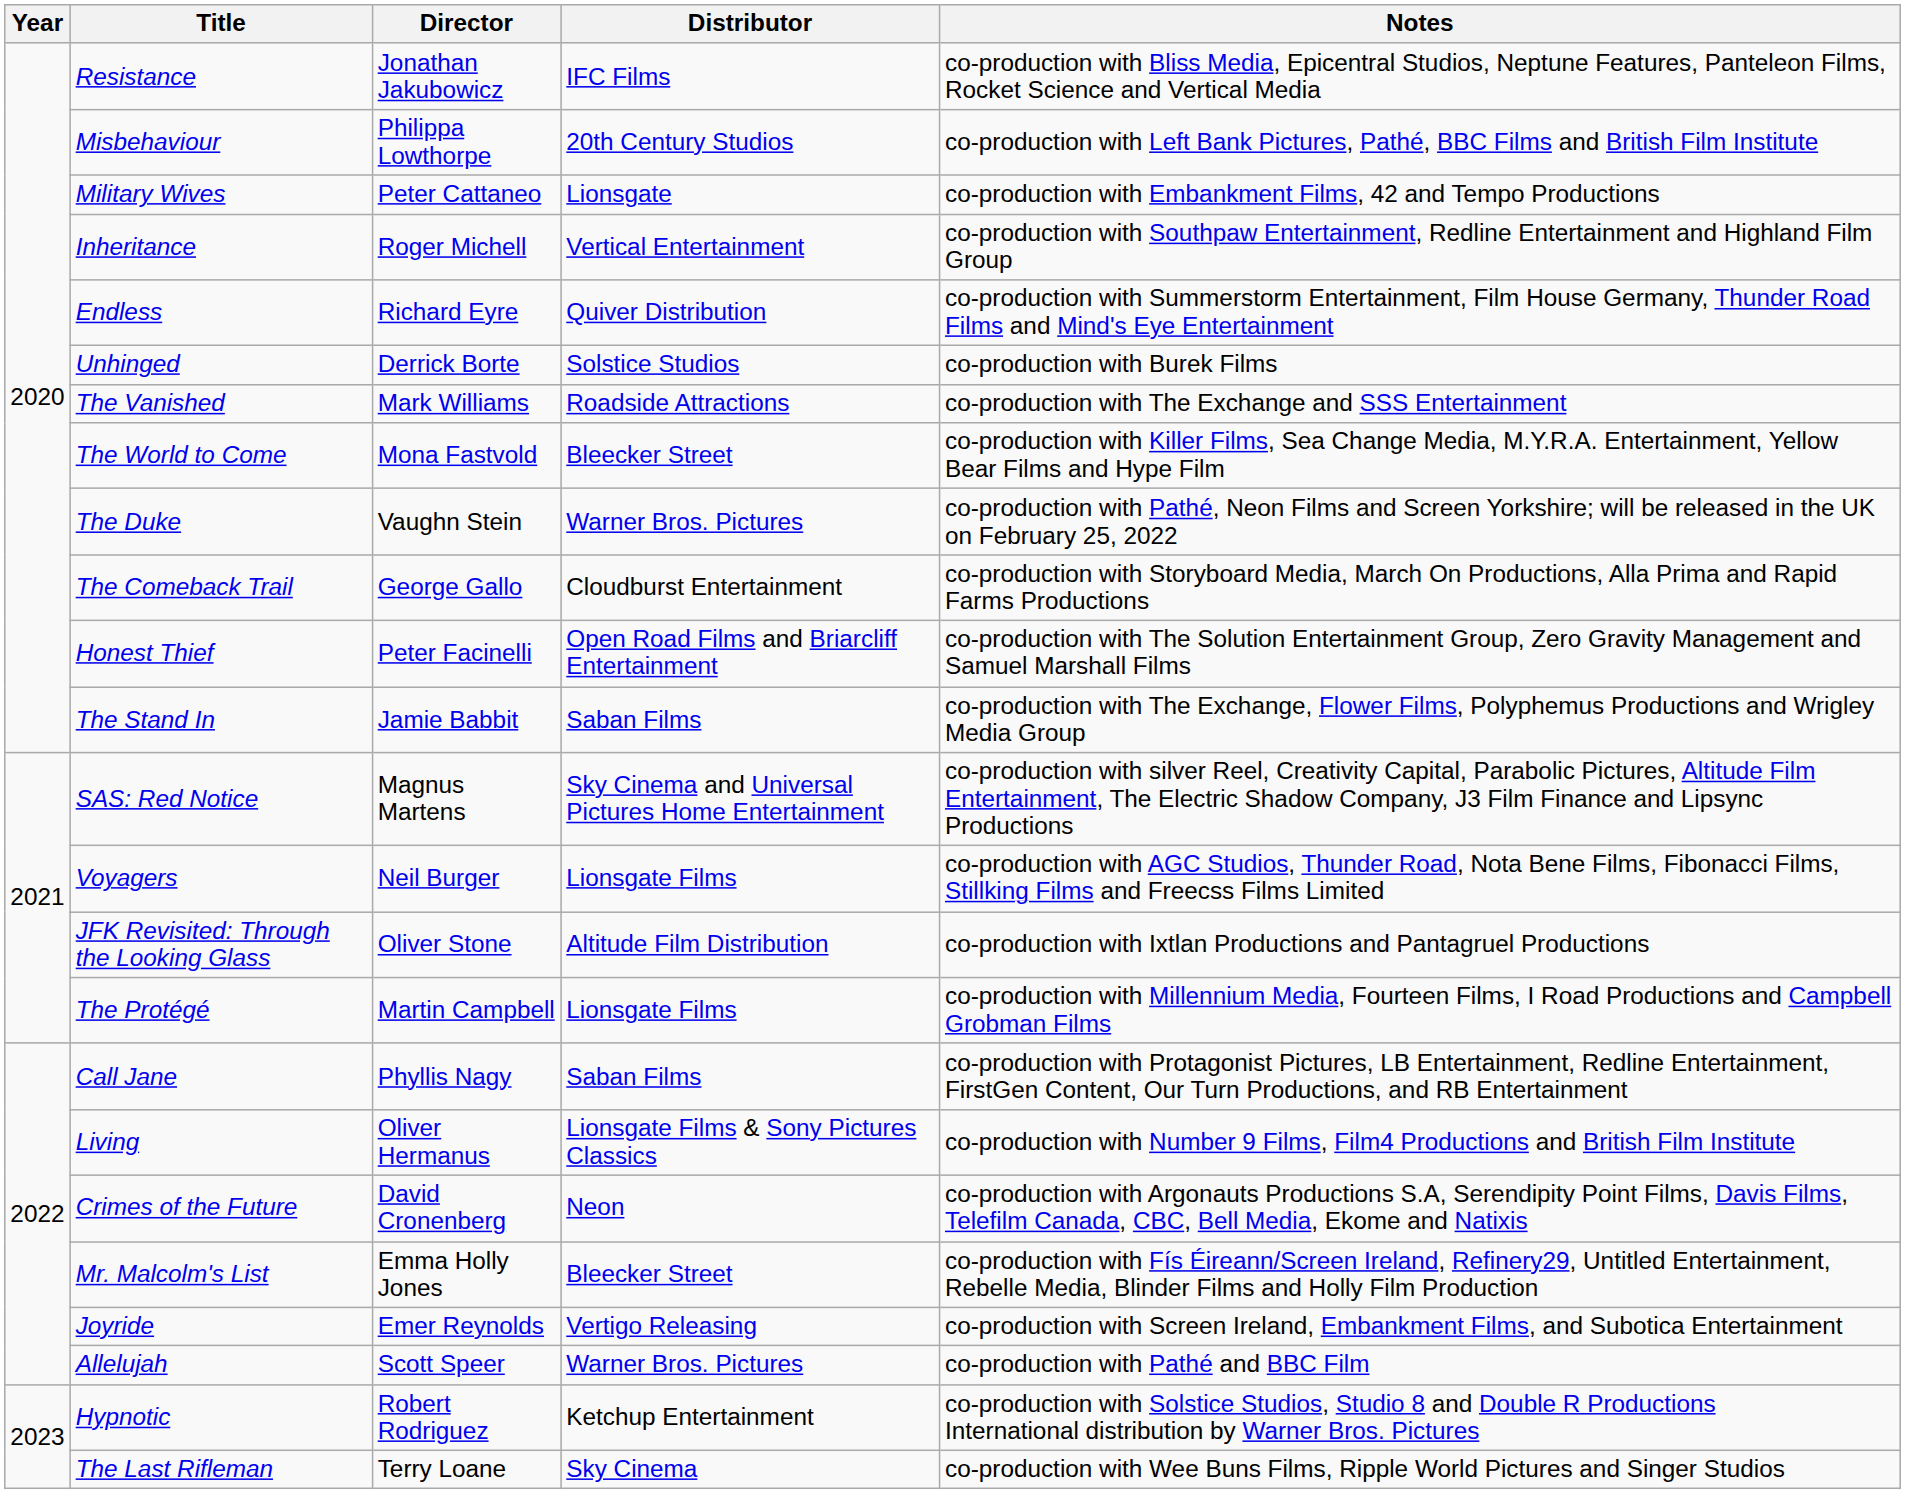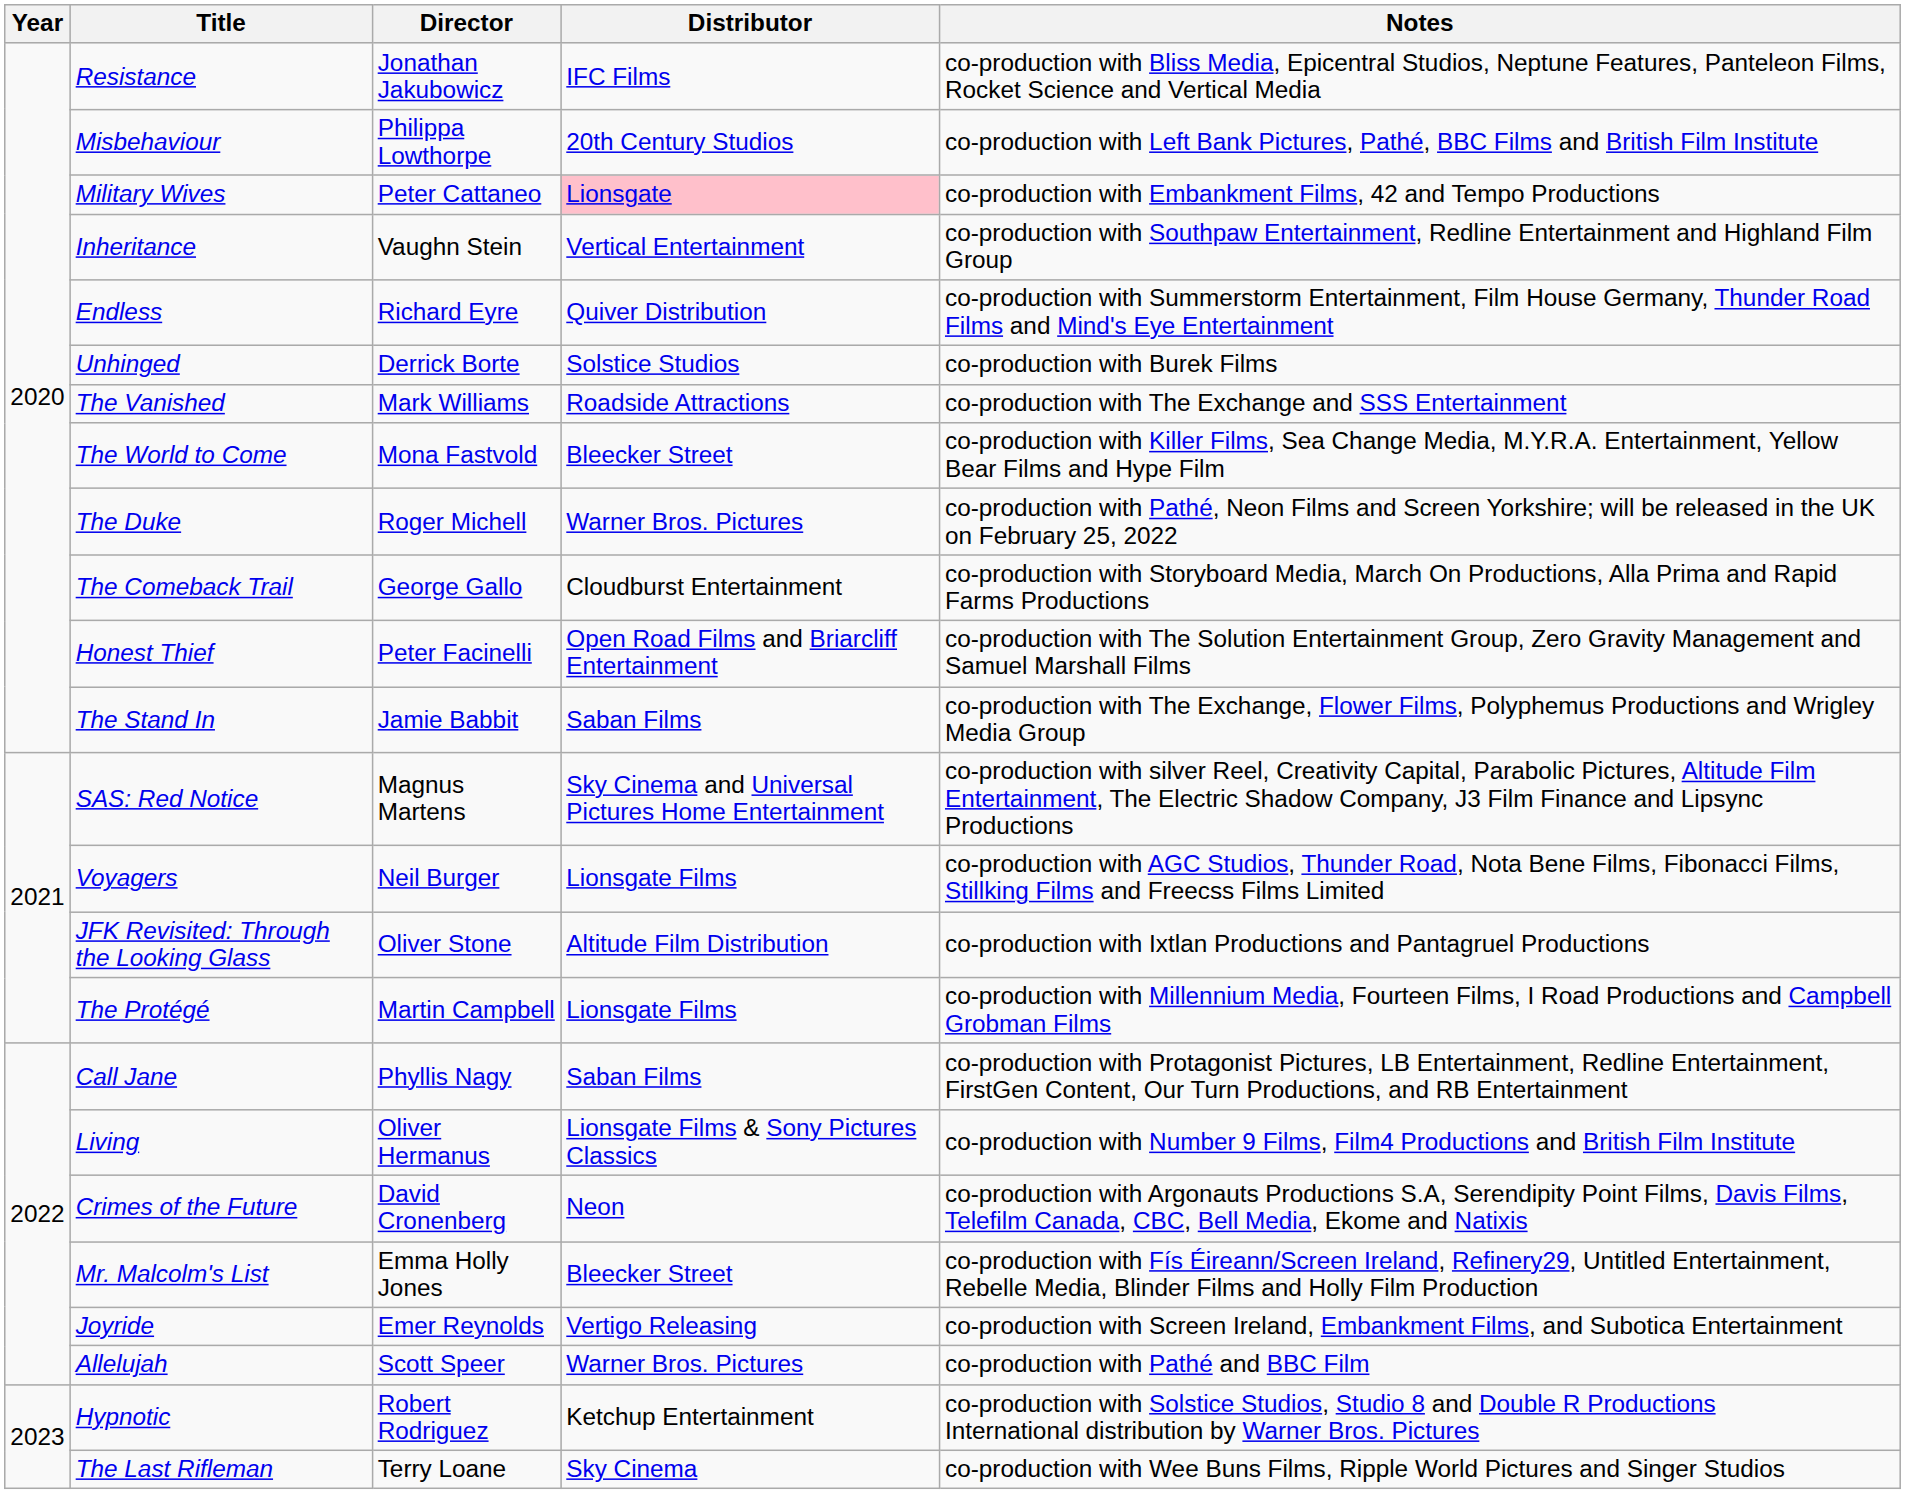 <table class="wikitable sortable">
 <tr>
 <th>Year</th>
 <th>Title</th>
 <th>Director</th>
 <th>Distributor</th>
 <th>Notes</th>
 </tr>
 <tr>
 <td rowspan="12">2020</td>
 <td><em><a href='#'>Resistance</a></em></td>
 <td><a href='#'>Jonathan Jakubowicz</a></td>
 <td><a href='#'>IFC Films</a></td>
 <td>co-production with <a href='#'>Bliss Media</a>, Epicentral Studios, Neptune Features, Panteleon Films, Rocket Science and Vertical Media</td>
 </tr>
 <tr>
 <td><em><a href='#'>Misbehaviour</a></em></td>
 <td><a href='#'>Philippa Lowthorpe</a></td>
 <td><a href='#'>20th Century Studios</a></td>
 <td>co-production with <a href='#'>Left Bank Pictures</a>, <a href='#'>Pathé</a>, <a href='#'>BBC Films</a> and <a href='#'>British Film Institute</a></td>
 </tr>
 <tr>
 <td><em><a href='#'>Military Wives</a></em></td>
 <td><a href='#'>Peter Cattaneo</a></td>
-<td><a href='#'>Lionsgate</a></td>
+<td style="background: pink;"><a href='#'>Lionsgate</a></td>
 <td>co-production with <a href='#'>Embankment Films</a>, 42 and Tempo Productions</td>
 </tr>
 <tr>
 <td><em><a href='#'>Inheritance</a></em></td>
-<td><a href='#'>Roger Michell</a></td>
+<td>Vaughn Stein</td>
 <td><a href='#'>Vertical Entertainment</a></td>
 <td>co-production with <a href='#'>Southpaw Entertainment</a>, Redline Entertainment and Highland Film Group</td>
 </tr>
 <tr>
 <td><em><a href='#'>Endless</a></em></td>
 <td><a href='#'>Richard Eyre</a></td>
 <td><a href='#'>Quiver Distribution</a></td>
 <td>co-production with Summerstorm Entertainment, Film House Germany, <a href='#'>Thunder Road Films</a> and <a href='#'>Mind's Eye Entertainment</a></td>
 </tr>
 <tr>
 <td><em><a href='#'>Unhinged</a></em></td>
 <td><a href='#'>Derrick Borte</a></td>
 <td><a href='#'>Solstice Studios</a></td>
 <td>co-production with Burek Films</td>
 </tr>
 <tr>
 <td><em><a href='#'>The Vanished</a></em></td>
 <td><a href='#'>Mark Williams</a></td>
 <td><a href='#'>Roadside Attractions</a></td>
 <td>co-production with The Exchange and <a href='#'>SSS Entertainment</a></td>
 </tr>
 <tr>
 <td><em><a href='#'>The World to Come</a></em></td>
 <td><a href='#'>Mona Fastvold</a></td>
 <td><a href='#'>Bleecker Street</a></td>
 <td>co-production with <a href='#'>Killer Films</a>, Sea Change Media, M.Y.R.A. Entertainment, Yellow Bear Films and Hype Film</td>
 </tr>
 <tr>
 <td><em><a href='#'>The Duke</a></em></td>
-<td>Vaughn Stein</td>
+<td><a href='#'>Roger Michell</a></td>
 <td><a href='#'>Warner Bros. Pictures</a></td>
 <td>co-production with <a href='#'>Pathé</a>, Neon Films and Screen Yorkshire; will be released in the UK on February 25, 2022</td>
 </tr>
 <tr>
 <td><em><a href='#'>The Comeback Trail</a></em></td>
 <td><a href='#'>George Gallo</a></td>
 <td>Cloudburst Entertainment</td>
 <td>co-production with Storyboard Media, March On Productions, Alla Prima and Rapid Farms Productions</td>
 </tr>
 <tr>
 <td><em><a href='#'>Honest Thief</a></em></td>
 <td><a href='#'>Peter Facinelli</a></td>
 <td><a href='#'>Open Road Films</a> and <a href='#'>Briarcliff Entertainment</a></td>
 <td>co-production with The Solution Entertainment Group, Zero Gravity Management and Samuel Marshall Films</td>
 </tr>
 <tr>
 <td><em><a href='#'>The Stand In</a></em></td>
 <td><a href='#'>Jamie Babbit</a></td>
 <td><a href='#'>Saban Films</a></td>
 <td>co-production with The Exchange, <a href='#'>Flower Films</a>, Polyphemus Productions and Wrigley Media Group</td>
 </tr>
 <tr>
 <td rowspan="4">2021</td>
 <td><em><a href='#'>SAS: Red Notice</a></em></td>
 <td>Magnus Martens</td>
 <td><a href='#'>Sky Cinema</a> and <a href='#'>Universal Pictures Home Entertainment</a></td>
 <td>co-production with silver Reel, Creativity Capital, Parabolic Pictures, <a href='#'>Altitude Film Entertainment</a>, The Electric Shadow Company, J3 Film Finance and Lipsync Productions</td>
 </tr>
 <tr>
 <td><em><a href='#'>Voyagers</a></em></td>
 <td><a href='#'>Neil Burger</a></td>
 <td><a href='#'>Lionsgate Films</a></td>
 <td>co-production with <a href='#'>AGC Studios</a>, <a href='#'>Thunder Road</a>, Nota Bene Films, Fibonacci Films, <a href='#'>Stillking Films</a> and Freecss Films Limited</td>
 </tr>
 <tr>
 <td><em><a href='#'>JFK Revisited: Through the Looking Glass</a></em></td>
 <td><a href='#'>Oliver Stone</a></td>
 <td><a href='#'>Altitude Film Distribution</a></td>
 <td>co-production with Ixtlan Productions and Pantagruel Productions</td>
 </tr>
 <tr>
 <td><em><a href='#'>The Protégé</a></em></td>
 <td><a href='#'>Martin Campbell</a></td>
 <td><a href='#'>Lionsgate Films</a></td>
 <td>co-production with <a href='#'>Millennium Media</a>, Fourteen Films, I Road Productions and <a href='#'>Campbell Grobman Films</a></td>
 </tr>
 <tr>
 <td rowspan="6">2022</td>
 <td><em><a href='#'>Call Jane</a></em></td>
 <td><a href='#'>Phyllis Nagy</a></td>
 <td><a href='#'>Saban Films</a></td>
 <td>co-production with Protagonist Pictures, LB Entertainment, Redline Entertainment, FirstGen Content, Our Turn Productions, and RB Entertainment</td>
 </tr>
 <tr>
 <td><em><a href='#'>Living</a></em></td>
 <td><a href='#'>Oliver Hermanus</a></td>
 <td><a href='#'>Lionsgate Films</a> & <a href='#'>Sony Pictures Classics</a></td>
 <td>co-production with <a href='#'>Number 9 Films</a>, <a href='#'>Film4 Productions</a> and <a href='#'>British Film Institute</a></td>
 </tr>
 <tr>
 <td><em><a href='#'>Crimes of the Future</a></em></td>
 <td><a href='#'>David Cronenberg</a></td>
 <td><a href='#'>Neon</a></td>
 <td>co-production with Argonauts Productions S.A, Serendipity Point Films, <a href='#'>Davis Films</a>, <a href='#'>Telefilm Canada</a>, <a href='#'>CBC</a>, <a href='#'>Bell Media</a>, Ekome and <a href='#'>Natixis</a></td>
 </tr>
 <tr>
 <td><em><a href='#'>Mr. Malcolm's List</a></em></td>
 <td>Emma Holly Jones</td>
 <td><a href='#'>Bleecker Street</a></td>
 <td>co-production with <a href='#'>Fís Éireann/Screen Ireland</a>, <a href='#'>Refinery29</a>, Untitled Entertainment, Rebelle Media, Blinder Films and Holly Film Production</td>
 </tr>
 <tr>
 <td><em><a href='#'>Joyride</a></em></td>
 <td><a href='#'>Emer Reynolds</a></td>
 <td><a href='#'>Vertigo Releasing</a></td>
 <td>co-production with Screen Ireland, <a href='#'>Embankment Films</a>, and Subotica Entertainment</td>
 </tr>
 <tr>
 <td><em><a href='#'>Allelujah</a></em></td>
 <td><a href='#'>Scott Speer</a></td>
 <td><a href='#'>Warner Bros. Pictures</a></td>
 <td>co-production with <a href='#'>Pathé</a> and <a href='#'>BBC Film</a></td>
 </tr>
 <tr>
 <td rowspan="2">2023</td>
 <td><em><a href='#'>Hypnotic</a></em></td>
 <td><a href='#'>Robert Rodriguez</a></td>
 <td>Ketchup Entertainment</td>
 <td>co-production with <a href='#'>Solstice Studios</a>, <a href='#'>Studio 8</a> and <a href='#'>Double R Productions</a><br>International distribution by <a href='#'>Warner Bros. Pictures</a></td>
 </tr>
 <tr>
 <td><em><a href='#'>The Last Rifleman</a></em></td>
 <td>Terry Loane</td>
 <td><a href='#'>Sky Cinema</a></td>
 <td>co-production with Wee Buns Films, Ripple World Pictures and Singer Studios</td>
 </tr>
 </table>
